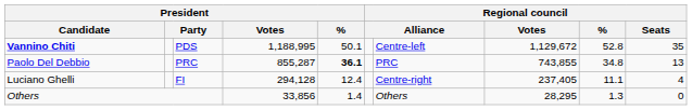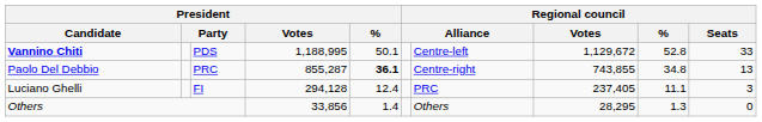 <table class="wikitable" style="text-align:right; style="width=65%">
 <tr>
 <th colspan="5">President</th>
 <th colspan="7">Regional council</th>
 </tr>
 <tr>
 <th>Candidate</th>
 <th colspan="2">Party</th>
 <th>Votes</th>
 <th>%</th>
 <th colspan="2">Alliance</th>
 <th>Votes</th>
 <th>%</th>
 <th>Seats</th>
 </tr>
 <tr>
 <td style="text-align:left"><strong><a href='#'>Vannino Chiti</a></strong></td>
 <td></td>
 <td style="text-align:left"><a href='#'>PDS</a></td>
 <td>1,188,995</td>
 <td>50.1</td>
 <td></td>
 <td style="text-align:left"><a href='#'>Centre-left</a></td>
 <td>1,129,672</td>
 <td>52.8</td>
-<td>35</td>
+<td>33</td>
 </tr>
 <tr>
 <td style="text-align:left"><a href='#'>Paolo Del Debbio</a></td>
 <td></td>
 <td style="text-align:left"><a href='#'>PRC</a></td>
 <td>855,287</td>
 <td><strong>36.1</strong></td>
 <td></td>
-<td style="text-align:left"><a href='#'>PRC</a></td>
+<td style="text-align:left"><a href='#'>Centre-right</a></td>
 <td>743,855</td>
 <td>34.8</td>
 <td>13</td>
 </tr>
 <tr>
 <td style="text-align:left">Luciano Ghelli</td>
 <td></td>
 <td style="text-align:left"><a href='#'>FI</a></td>
 <td>294,128</td>
 <td>12.4</td>
 <td></td>
-<td style="text-align:left"><a href='#'>Centre-right</a></td>
+<td style="text-align:left"><a href='#'>PRC</a></td>
 <td>237,405</td>
 <td>11.1</td>
-<td>4</td>
+<td>3</td>
 </tr>
 <tr>
 <td colspan="3" style="text-align:left"><em>Others</em></td>
 <td>33,856</td>
 <td>1.4</td>
 <td></td>
 <td style="text-align:left"><em>Others</em></td>
 <td>28,295</td>
 <td>1.3</td>
 <td>0</td>
 </tr>
 </table>
